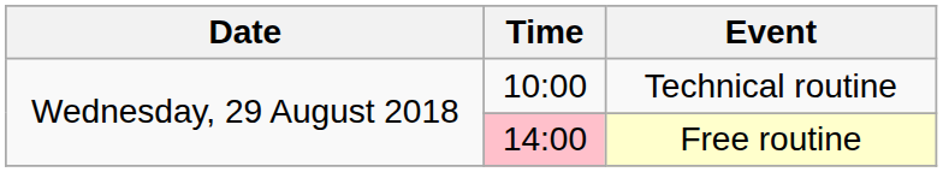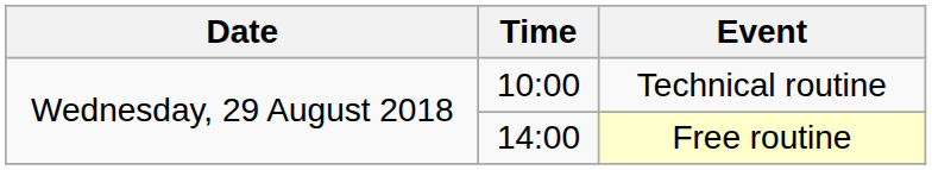 <table class = "wikitable" style="text-align:center;">
 <tr>
 <th width=220>Date</th>
 <th width=50>Time</th>
 <th width=150>Event</th>
 </tr>
 <tr>
 <td rowspan=2>Wednesday, 29 August 2018</td>
 <td>10:00</td>
 <td>Technical routine</td>
 </tr>
 <tr>
-<td style="background: pink;">14:00</td>
+<td>14:00</td>
 <td bgcolor=ffffcc>Free routine</td>
 </tr>
 </table>
